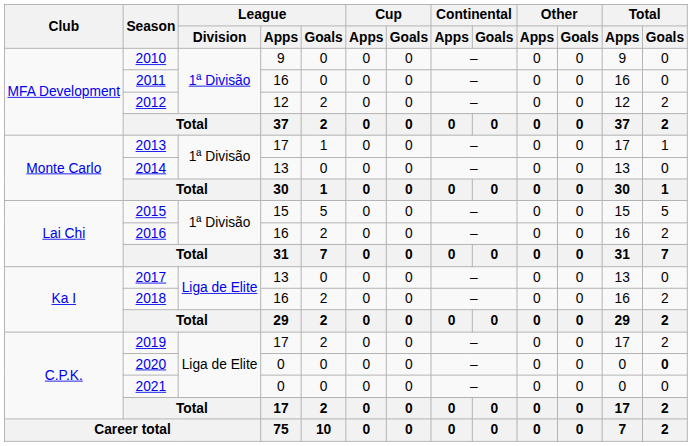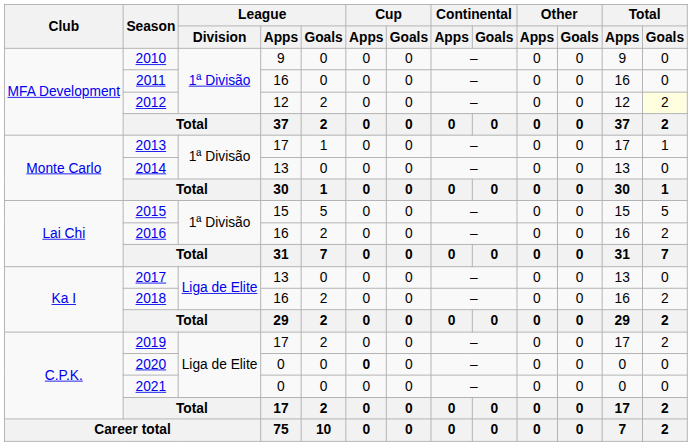 <table class="wikitable" style="text-align: center">
 <tr>
 <th rowspan="2">Club</th>
 <th rowspan="2">Season</th>
 <th colspan="3">League</th>
 <th colspan="2">Cup</th>
 <th colspan="2">Continental</th>
 <th colspan="2">Other</th>
 <th colspan="2">Total</th>
 </tr>
 <tr>
 <th>Division</th>
 <th>Apps</th>
 <th>Goals</th>
 <th>Apps</th>
 <th>Goals</th>
 <th>Apps</th>
 <th>Goals</th>
 <th>Apps</th>
 <th>Goals</th>
 <th>Apps</th>
 <th>Goals</th>
 </tr>
 <tr>
 <td rowspan="4"><a href='#'>MFA Development</a></td>
 <td><a href='#'>2010</a></td>
 <td rowspan="3"><a href='#'>1ª Divisão</a></td>
 <td>9</td>
 <td>0</td>
 <td>0</td>
 <td>0</td>
 <td colspan="2">–</td>
 <td>0</td>
 <td>0</td>
 <td>9</td>
 <td>0</td>
 </tr>
 <tr>
 <td><a href='#'>2011</a></td>
 <td>16</td>
 <td>0</td>
 <td>0</td>
 <td>0</td>
 <td colspan="2">–</td>
 <td>0</td>
 <td>0</td>
 <td>16</td>
 <td>0</td>
 </tr>
 <tr>
 <td><a href='#'>2012</a></td>
 <td>12</td>
 <td>2</td>
 <td>0</td>
 <td>0</td>
 <td colspan="2">–</td>
 <td>0</td>
 <td>0</td>
 <td>12</td>
-<td>2</td>
+<td style="background: lightyellow;">2</td>
 </tr>
 <tr>
 <th colspan="2"><strong>Total</strong></th>
 <th>37</th>
 <th>2</th>
 <th>0</th>
 <th>0</th>
 <th>0</th>
 <th>0</th>
 <th>0</th>
 <th>0</th>
 <th>37</th>
 <th>2</th>
 </tr>
 <tr>
 <td rowspan="3"><a href='#'>Monte Carlo</a></td>
 <td><a href='#'>2013</a></td>
 <td rowspan="2">1ª Divisão</td>
 <td>17</td>
 <td>1</td>
 <td>0</td>
 <td>0</td>
 <td colspan="2">–</td>
 <td>0</td>
 <td>0</td>
 <td>17</td>
 <td>1</td>
 </tr>
 <tr>
 <td><a href='#'>2014</a></td>
 <td>13</td>
 <td>0</td>
 <td>0</td>
 <td>0</td>
 <td colspan="2">–</td>
 <td>0</td>
 <td>0</td>
 <td>13</td>
 <td>0</td>
 </tr>
 <tr>
 <th colspan="2"><strong>Total</strong></th>
 <th>30</th>
 <th>1</th>
 <th>0</th>
 <th>0</th>
 <th>0</th>
 <th>0</th>
 <th>0</th>
 <th>0</th>
 <th>30</th>
 <th>1</th>
 </tr>
 <tr>
 <td rowspan="3"><a href='#'>Lai Chi</a></td>
 <td><a href='#'>2015</a></td>
 <td rowspan="2">1ª Divisão</td>
 <td>15</td>
 <td>5</td>
 <td>0</td>
 <td>0</td>
 <td colspan="2">–</td>
 <td>0</td>
 <td>0</td>
 <td>15</td>
 <td>5</td>
 </tr>
 <tr>
 <td><a href='#'>2016</a></td>
 <td>16</td>
 <td>2</td>
 <td>0</td>
 <td>0</td>
 <td colspan="2">–</td>
 <td>0</td>
 <td>0</td>
 <td>16</td>
 <td>2</td>
 </tr>
 <tr>
 <th colspan="2"><strong>Total</strong></th>
 <th>31</th>
 <th>7</th>
 <th>0</th>
 <th>0</th>
 <th>0</th>
 <th>0</th>
 <th>0</th>
 <th>0</th>
 <th>31</th>
 <th>7</th>
 </tr>
 <tr>
 <td rowspan="3"><a href='#'>Ka I</a></td>
 <td><a href='#'>2017</a></td>
 <td rowspan="2"><a href='#'>Liga de Elite</a></td>
 <td>13</td>
 <td>0</td>
 <td>0</td>
 <td>0</td>
 <td colspan="2">–</td>
 <td>0</td>
 <td>0</td>
 <td>13</td>
 <td>0</td>
 </tr>
 <tr>
 <td><a href='#'>2018</a></td>
 <td>16</td>
 <td>2</td>
 <td>0</td>
 <td>0</td>
 <td colspan="2">–</td>
 <td>0</td>
 <td>0</td>
 <td>16</td>
 <td>2</td>
 </tr>
 <tr>
 <th colspan="2"><strong>Total</strong></th>
 <th>29</th>
 <th>2</th>
 <th>0</th>
 <th>0</th>
 <th>0</th>
 <th>0</th>
 <th>0</th>
 <th>0</th>
 <th>29</th>
 <th>2</th>
 </tr>
 <tr>
 <td rowspan="4"><a href='#'>C.P.K.</a></td>
 <td><a href='#'>2019</a></td>
 <td rowspan="3">Liga de Elite</td>
 <td>17</td>
 <td>2</td>
 <td>0</td>
 <td>0</td>
 <td colspan="2">–</td>
 <td>0</td>
 <td>0</td>
 <td>17</td>
 <td>2</td>
 </tr>
 <tr>
 <td><a href='#'>2020</a></td>
 <td>0</td>
 <td>0</td>
-<td>0</td>
+<td><strong>0</strong></td>
 <td>0</td>
 <td colspan="2">–</td>
 <td>0</td>
 <td>0</td>
 <td>0</td>
-<td><strong>0</strong></td>
+<td>0</td>
 </tr>
 <tr>
 <td><a href='#'>2021</a></td>
 <td>0</td>
 <td>0</td>
 <td>0</td>
 <td>0</td>
 <td colspan="2">–</td>
 <td>0</td>
 <td>0</td>
 <td>0</td>
 <td>0</td>
 </tr>
 <tr>
 <th colspan="2"><strong>Total</strong></th>
 <th>17</th>
 <th>2</th>
 <th>0</th>
 <th>0</th>
 <th>0</th>
 <th>0</th>
 <th>0</th>
 <th>0</th>
 <th>17</th>
 <th>2</th>
 </tr>
 <tr>
 <th colspan="3"><strong>Career total</strong></th>
 <th>75</th>
 <th>10</th>
 <th>0</th>
 <th>0</th>
 <th>0</th>
 <th>0</th>
 <th>0</th>
 <th>0</th>
 <th>7</th>
 <th>2</th>
 </tr>
 </table>
